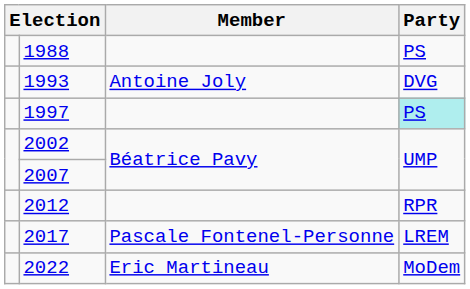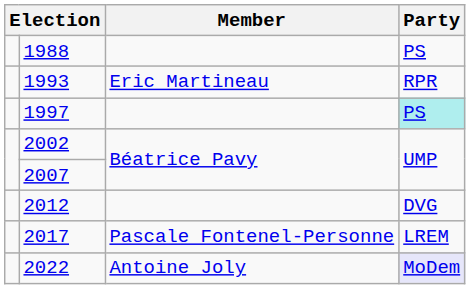 <table class="wikitable">
 <tr>
 <th colspan="2">Election</th>
 <th>Member</th>
 <th>Party</th>
 </tr>
 <tr>
 <td style="background-color: "></td>
 <td><a href='#'>1988</a></td>
 <td></td>
 <td><a href='#'>PS</a></td>
 </tr>
 <tr>
 <td style="background-color: "></td>
 <td><a href='#'>1993</a></td>
-<td><a href='#'>Antoine Joly</a></td>
-<td><a href='#'>DVG</a></td>
+<td><a href='#'>Eric Martineau</a></td>
+<td><a href='#'>RPR</a></td>
 </tr>
 <tr>
 <td style="background-color: "></td>
 <td><a href='#'>1997</a></td>
 <td></td>
 <td style="background: paleturquoise;"><a href='#'>PS</a></td>
 </tr>
 <tr>
 <td rowspan=2 style="background-color: "></td>
 <td><a href='#'>2002</a></td>
 <td rowspan=2><a href='#'>Béatrice Pavy</a></td>
 <td rowspan=2><a href='#'>UMP</a></td>
 </tr>
 <tr>
 <td><a href='#'>2007</a></td>
 </tr>
 <tr>
 <td style="background-color: "></td>
 <td><a href='#'>2012</a></td>
 <td></td>
-<td><a href='#'>RPR</a></td>
+<td><a href='#'>DVG</a></td>
 </tr>
 <tr>
 <td style="background-color: "></td>
 <td><a href='#'>2017</a></td>
 <td><a href='#'>Pascale Fontenel-Personne</a></td>
 <td><a href='#'>LREM</a></td>
 </tr>
 <tr>
 <td style="background-color: "></td>
 <td><a href='#'>2022</a></td>
-<td><a href='#'>Eric Martineau</a></td>
-<td><a href='#'>MoDem</a></td>
+<td><a href='#'>Antoine Joly</a></td>
+<td style="background: lavender;"><a href='#'>MoDem</a></td>
 </tr>
 </table>
